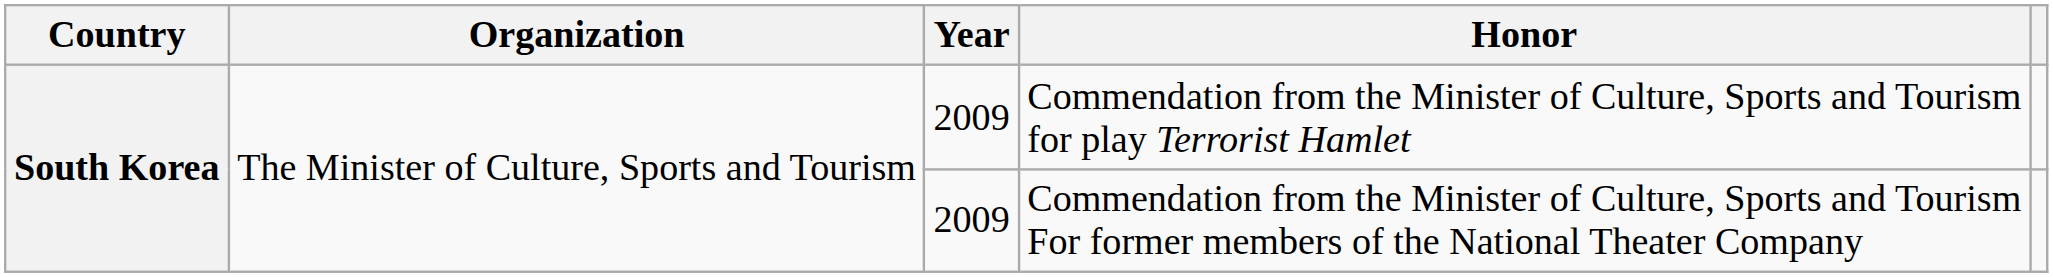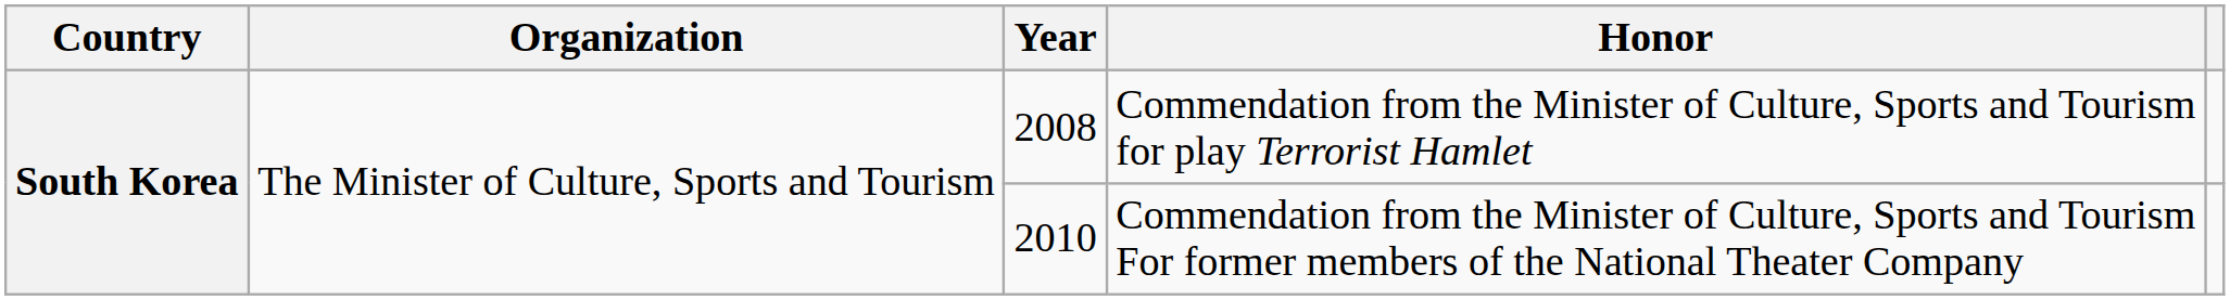 <table class="wikitable plainrowheaders sortable" style="margin-right: 0">
 <tr>
 <th scope="col">Country</th>
 <th scope="col">Organization</th>
 <th scope="col">Year</th>
 <th scope="col">Honor</th>
 <th scope="col" class="unsortable"></th>
 </tr>
 <tr>
 <th rowspan="2" scope="row">South Korea</th>
 <td rowspan="2">The Minister of Culture, Sports and Tourism</td>
-<td>2009</td>
+<td>2008</td>
 <td>Commendation from the Minister of Culture, Sports and Tourism<br>for play <em>Terrorist Hamlet</em></td>
 <td></td>
 </tr>
 <tr>
-<td>2009</td>
+<td>2010</td>
 <td>Commendation from the Minister of Culture, Sports and Tourism<br>For former members of the National Theater Company</td>
 <td></td>
 </tr>
 </table>
